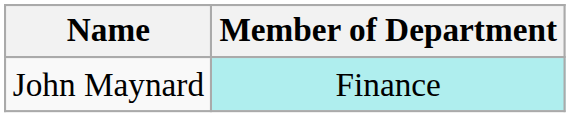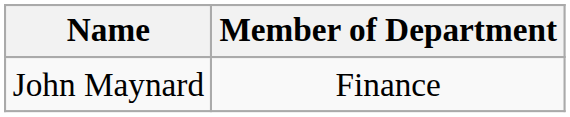 <table class="wikitable" style="text-align:center">
 <tr>
 <th>Name</th>
 <th>Member of Department</th>
 </tr>
 <tr>
 <td>John Maynard</td>
-<td style="background: paleturquoise;">Finance</td>
+<td>Finance</td>
 </tr>
 </table>
